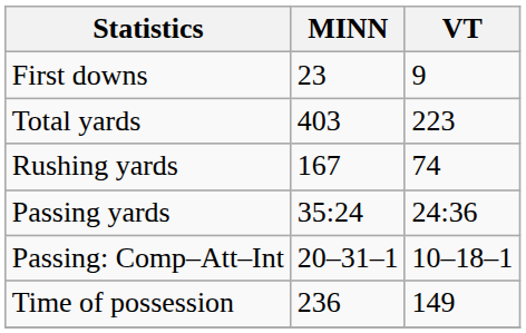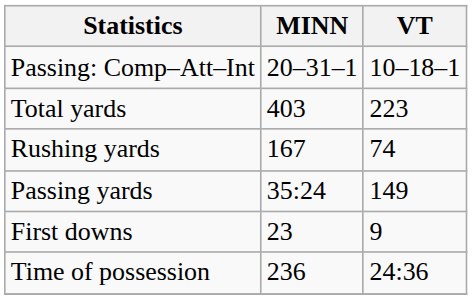 <table class="wikitable" style="float: left;">
 <tr>
 <th>Statistics</th>
 <th>MINN</th>
 <th>VT</th>
 </tr>
 <tr>
-<td>First downs</td>
-<td>23</td>
-<td>9</td>
+<td>Passing: Comp–Att–Int</td>
+<td>20–31–1</td>
+<td>10–18–1</td>
 </tr>
 <tr>
 <td>Total yards</td>
 <td>403</td>
 <td>223</td>
 </tr>
 <tr>
 <td>Rushing yards</td>
 <td>167</td>
 <td>74</td>
 </tr>
 <tr>
 <td>Passing yards</td>
 <td>35:24</td>
-<td>24:36</td>
+<td>149</td>
 </tr>
 <tr>
-<td>Passing: Comp–Att–Int</td>
-<td>20–31–1</td>
-<td>10–18–1</td>
+<td>First downs</td>
+<td>23</td>
+<td>9</td>
 </tr>
 <tr>
 <td>Time of possession</td>
 <td>236</td>
-<td>149</td>
+<td>24:36</td>
 </tr>
 <tr>
 </tr>
 </table>
